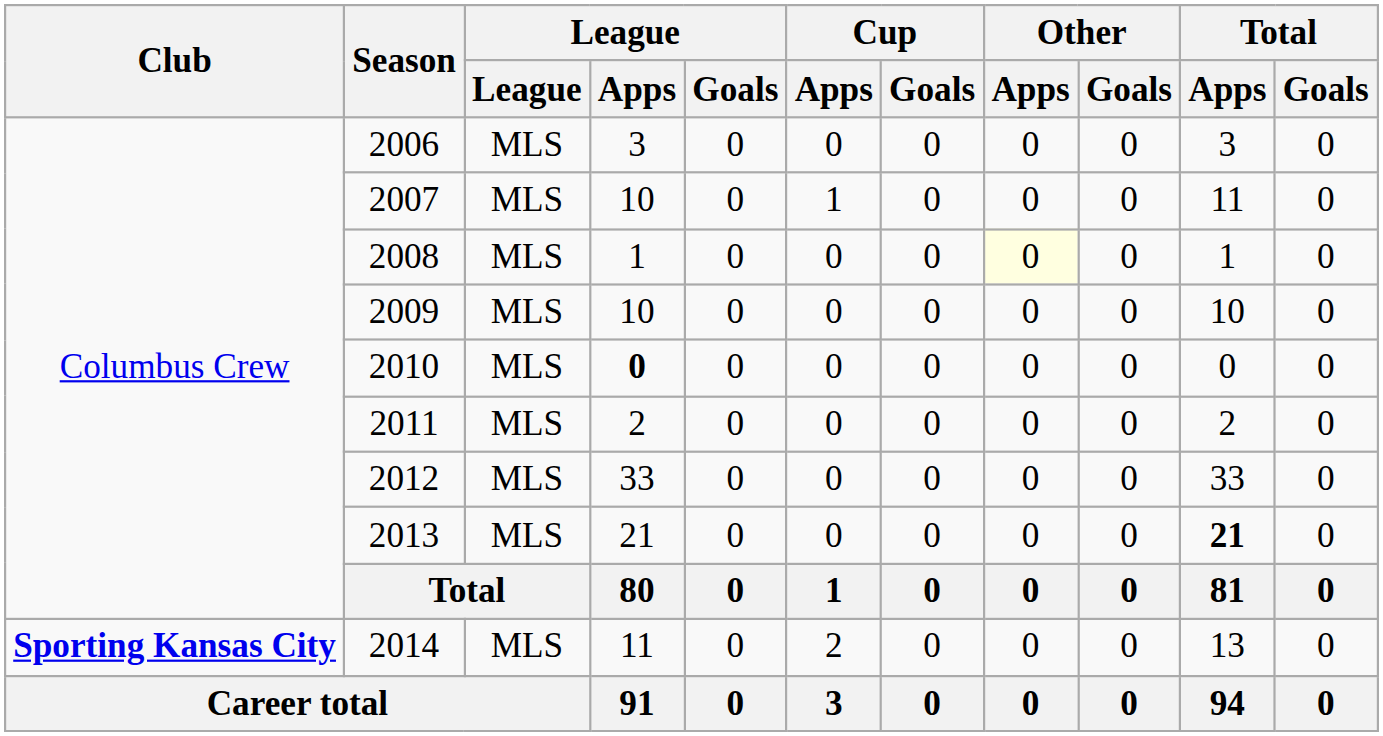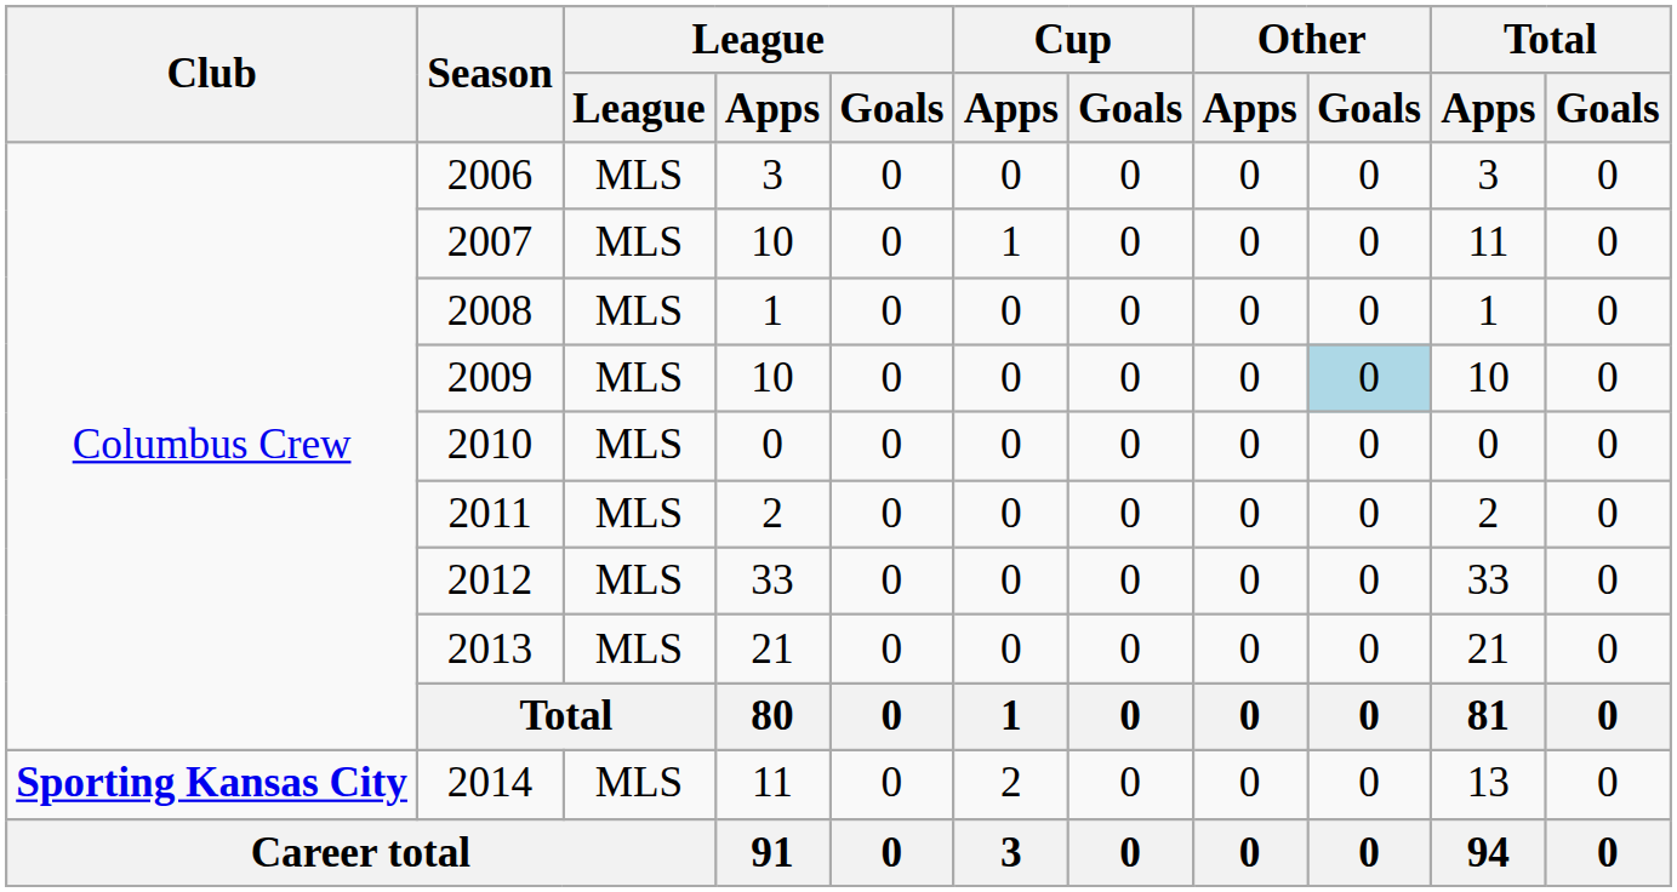 <table class="wikitable" style="text-align: center;">
 <tr>
 <th rowspan=2>Club</th>
 <th rowspan=2>Season</th>
 <th colspan=3>League</th>
 <th colspan=2>Cup</th>
 <th colspan=2>Other</th>
 <th colspan=2>Total</th>
 </tr>
 <tr>
 <th>League</th>
 <th>Apps</th>
 <th>Goals</th>
 <th>Apps</th>
 <th>Goals</th>
 <th>Apps</th>
 <th>Goals</th>
 <th>Apps</th>
 <th>Goals</th>
 </tr>
 <tr>
 <td rowspan=9><a href='#'>Columbus Crew</a></td>
 <td>2006</td>
 <td>MLS</td>
 <td>3</td>
 <td>0</td>
 <td>0</td>
 <td>0</td>
 <td>0</td>
 <td>0</td>
 <td>3</td>
 <td>0</td>
 </tr>
 <tr>
 <td>2007</td>
 <td>MLS</td>
 <td>10</td>
 <td>0</td>
 <td>1</td>
 <td>0</td>
 <td>0</td>
 <td>0</td>
 <td>11</td>
 <td>0</td>
 </tr>
 <tr>
 <td>2008</td>
 <td>MLS</td>
 <td>1</td>
 <td>0</td>
 <td>0</td>
 <td>0</td>
-<td style="background: lightyellow;">0</td>
+<td>0</td>
 <td>0</td>
 <td>1</td>
 <td>0</td>
 </tr>
 <tr>
 <td>2009</td>
 <td>MLS</td>
 <td>10</td>
 <td>0</td>
 <td>0</td>
 <td>0</td>
 <td>0</td>
-<td>0</td>
+<td style="background: lightblue;">0</td>
 <td>10</td>
 <td>0</td>
 </tr>
 <tr>
 <td>2010</td>
 <td>MLS</td>
-<td><strong>0</strong></td>
+<td>0</td>
 <td>0</td>
 <td>0</td>
 <td>0</td>
 <td>0</td>
 <td>0</td>
 <td>0</td>
 <td>0</td>
 </tr>
 <tr>
 <td>2011</td>
 <td>MLS</td>
 <td>2</td>
 <td>0</td>
 <td>0</td>
 <td>0</td>
 <td>0</td>
 <td>0</td>
 <td>2</td>
 <td>0</td>
 </tr>
 <tr>
 <td>2012</td>
 <td>MLS</td>
 <td>33</td>
 <td>0</td>
 <td>0</td>
 <td>0</td>
 <td>0</td>
 <td>0</td>
 <td>33</td>
 <td>0</td>
 </tr>
 <tr>
 <td>2013</td>
 <td>MLS</td>
 <td>21</td>
 <td>0</td>
 <td>0</td>
 <td>0</td>
 <td>0</td>
 <td>0</td>
-<td><strong>21</strong></td>
+<td>21</td>
 <td>0</td>
 </tr>
 <tr>
 <th colspan=2>Total</th>
 <th>80</th>
 <th>0</th>
 <th>1</th>
 <th>0</th>
 <th>0</th>
 <th>0</th>
 <th>81</th>
 <th>0</th>
 </tr>
 <tr>
 <td><strong><a href='#'>Sporting Kansas City</a></strong></td>
 <td>2014</td>
 <td>MLS</td>
 <td>11</td>
 <td>0</td>
 <td>2</td>
 <td>0</td>
 <td>0</td>
 <td>0</td>
 <td>13</td>
 <td>0</td>
 </tr>
 <tr>
 <th colspan=3>Career total</th>
 <th>91</th>
 <th>0</th>
 <th>3</th>
 <th>0</th>
 <th>0</th>
 <th>0</th>
 <th>94</th>
 <th>0</th>
 </tr>
 </table>
